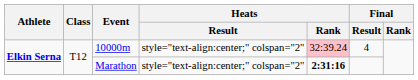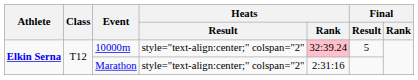 <table class=wikitable style="font-size:90%">
 <tr>
 <th rowspan="2">Athlete</th>
 <th rowspan="2">Class</th>
 <th rowspan="2">Event</th>
 <th colspan="2">Heats</th>
 <th colspan="3">Final</th>
 </tr>
 <tr>
 <th>Result</th>
 <th>Rank</th>
 <th>Result</th>
 <th>Rank</th>
 </tr>
 <tr>
 <td rowspan="2"><strong><a href='#'>Elkin Serna</a></strong></td>
 <td rowspan="2" style="text-align:center;">T12</td>
 <td><a href='#'>10000m</a></td>
 <td>style="text-align:center;" colspan="2" </td>
 <td style="background: pink; text-align:center;">32:39.24</td>
-<td style="text-align:center;">4</td>
+<td style="text-align:center;">5</td>
 </tr>
 <tr>
 <td><a href='#'>Marathon</a></td>
 <td>style="text-align:center;" colspan="2" </td>
-<td style="text-align:center;"><strong>2:31:16</strong></td>
+<td style="text-align:center;">2:31:16</td>
 <td style="text-align:center;"></td>
 </tr>
 </table>
